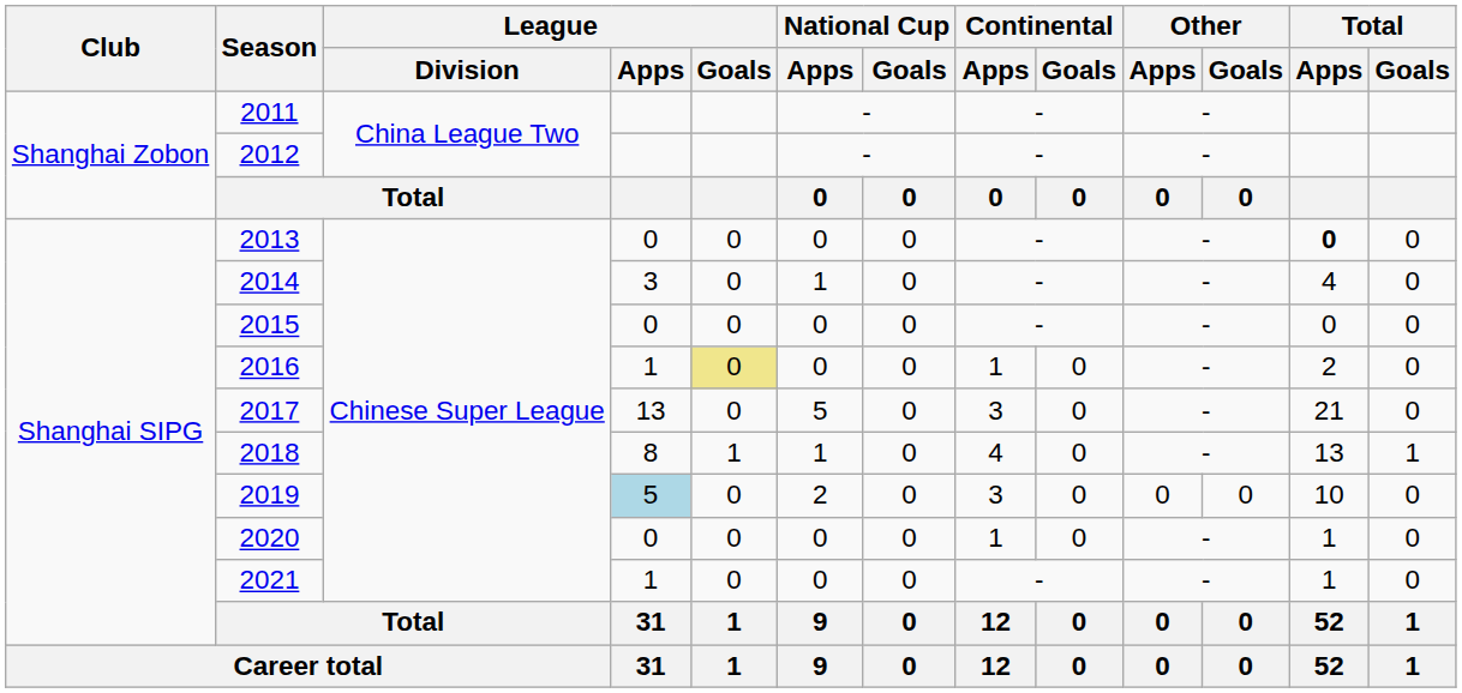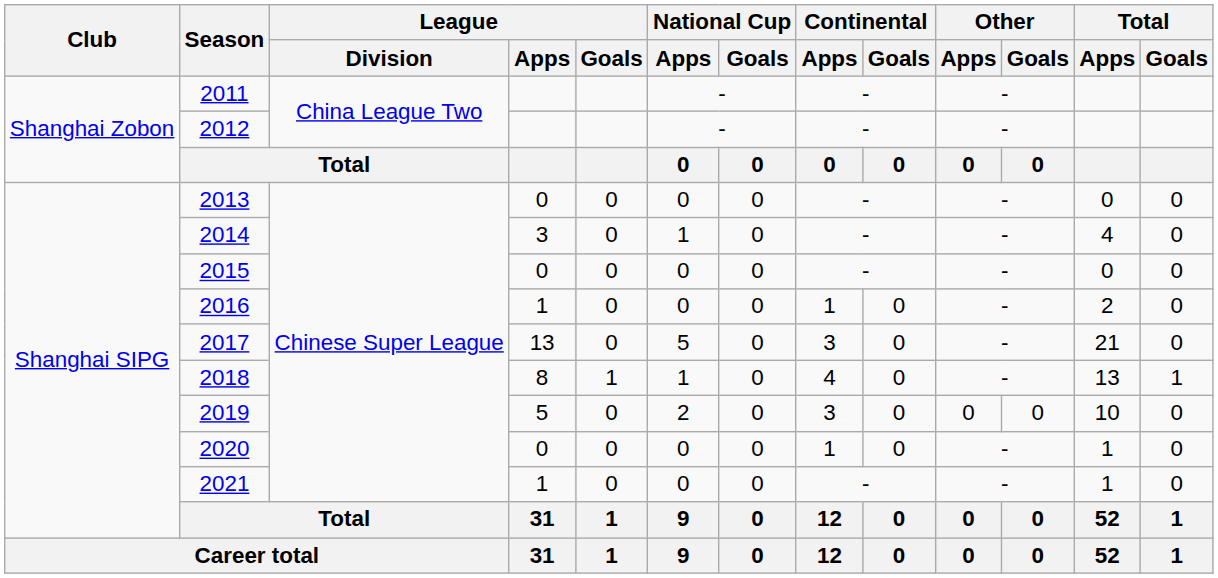 <table class="wikitable" style="text-align: center">
 <tr>
 <th rowspan="2">Club</th>
 <th rowspan="2">Season</th>
 <th colspan="3">League</th>
 <th colspan="2">National Cup</th>
 <th colspan="2">Continental</th>
 <th colspan="2">Other</th>
 <th colspan="2">Total</th>
 </tr>
 <tr>
 <th>Division</th>
 <th>Apps</th>
 <th>Goals</th>
 <th>Apps</th>
 <th>Goals</th>
 <th>Apps</th>
 <th>Goals</th>
 <th>Apps</th>
 <th>Goals</th>
 <th>Apps</th>
 <th>Goals</th>
 </tr>
 <tr>
 <td rowspan=3><a href='#'>Shanghai Zobon</a></td>
 <td><a href='#'>2011</a></td>
 <td rowspan="2"><a href='#'>China League Two</a></td>
 <td></td>
 <td></td>
 <td colspan="2">-</td>
 <td colspan="2">-</td>
 <td colspan="2">-</td>
 <td></td>
 <td></td>
 </tr>
 <tr>
 <td><a href='#'>2012</a></td>
 <td></td>
 <td></td>
 <td colspan="2">-</td>
 <td colspan="2">-</td>
 <td colspan="2">-</td>
 <td></td>
 <td></td>
 </tr>
 <tr>
 <th colspan=2>Total</th>
 <th></th>
 <th></th>
 <th>0</th>
 <th>0</th>
 <th>0</th>
 <th>0</th>
 <th>0</th>
 <th>0</th>
 <th></th>
 <th></th>
 </tr>
 <tr>
 <td rowspan=10><a href='#'>Shanghai SIPG</a></td>
 <td><a href='#'>2013</a></td>
 <td rowspan=9><a href='#'>Chinese Super League</a></td>
 <td>0</td>
 <td>0</td>
 <td>0</td>
 <td>0</td>
 <td colspan="2">-</td>
 <td colspan="2">-</td>
-<td><strong>0</strong></td>
+<td>0</td>
 <td>0</td>
 </tr>
 <tr>
 <td><a href='#'>2014</a></td>
 <td>3</td>
 <td>0</td>
 <td>1</td>
 <td>0</td>
 <td colspan="2">-</td>
 <td colspan="2">-</td>
 <td>4</td>
 <td>0</td>
 </tr>
 <tr>
 <td><a href='#'>2015</a></td>
 <td>0</td>
 <td>0</td>
 <td>0</td>
 <td>0</td>
 <td colspan="2">-</td>
 <td colspan="2">-</td>
 <td>0</td>
 <td>0</td>
 </tr>
 <tr>
 <td><a href='#'>2016</a></td>
 <td>1</td>
-<td style="background: khaki;">0</td>
+<td>0</td>
 <td>0</td>
 <td>0</td>
 <td>1</td>
 <td>0</td>
 <td colspan="2">-</td>
 <td>2</td>
 <td>0</td>
 </tr>
 <tr>
 <td><a href='#'>2017</a></td>
 <td>13</td>
 <td>0</td>
 <td>5</td>
 <td>0</td>
 <td>3</td>
 <td>0</td>
 <td colspan="2">-</td>
 <td>21</td>
 <td>0</td>
 </tr>
 <tr>
 <td><a href='#'>2018</a></td>
 <td>8</td>
 <td>1</td>
 <td>1</td>
 <td>0</td>
 <td>4</td>
 <td>0</td>
 <td colspan="2">-</td>
 <td>13</td>
 <td>1</td>
 </tr>
 <tr>
 <td><a href='#'>2019</a></td>
-<td style="background: lightblue;">5</td>
+<td>5</td>
 <td>0</td>
 <td>2</td>
 <td>0</td>
 <td>3</td>
 <td>0</td>
 <td>0</td>
 <td>0</td>
 <td>10</td>
 <td>0</td>
 </tr>
 <tr>
 <td><a href='#'>2020</a></td>
 <td>0</td>
 <td>0</td>
 <td>0</td>
 <td>0</td>
 <td>1</td>
 <td>0</td>
 <td colspan="2">-</td>
 <td>1</td>
 <td>0</td>
 </tr>
 <tr>
 <td><a href='#'>2021</a></td>
 <td>1</td>
 <td>0</td>
 <td>0</td>
 <td>0</td>
 <td colspan="2">-</td>
 <td colspan="2">-</td>
 <td>1</td>
 <td>0</td>
 </tr>
 <tr>
 <th colspan=2>Total</th>
 <th>31</th>
 <th>1</th>
 <th>9</th>
 <th>0</th>
 <th>12</th>
 <th>0</th>
 <th>0</th>
 <th>0</th>
 <th>52</th>
 <th>1</th>
 </tr>
 <tr>
 <th colspan=3>Career total</th>
 <th>31</th>
 <th>1</th>
 <th>9</th>
 <th>0</th>
 <th>12</th>
 <th>0</th>
 <th>0</th>
 <th>0</th>
 <th>52</th>
 <th>1</th>
 </tr>
 </table>
